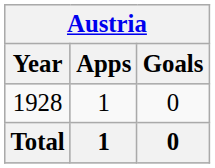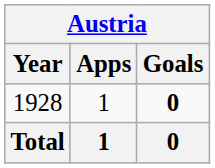 <table class="wikitable" style="text-align:center">
 <tr>
 <th colspan=3><a href='#'>Austria</a></th>
 </tr>
 <tr>
 <th>Year</th>
 <th>Apps</th>
 <th>Goals</th>
 </tr>
 <tr>
 <td>1928</td>
 <td>1</td>
-<td>0</td>
+<td><strong>0</strong></td>
 </tr>
 <tr>
 <th>Total</th>
 <th>1</th>
 <th>0</th>
 </tr>
 </table>
